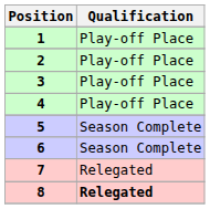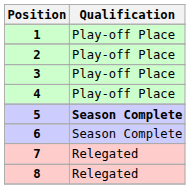 <table class="wikitable" style="text-align:center;">
 <tr>
 <th>Position</th>
 <th>Qualification</th>
 </tr>
 <tr --->
 </tr>
 <tr align=center style="background:#ccffcc;">
 <td><strong>1</strong></td>
 <td style="text-align:left;">Play-off Place</td>
 </tr>
 <tr --->
 </tr>
 <tr align=center style="background:#ccffcc;">
 <td><strong>2</strong></td>
 <td style="text-align:left;">Play-off Place</td>
 </tr>
 <tr --->
 </tr>
 <tr align=center style="background:#ccffcc;">
 <td><strong>3</strong></td>
 <td style="text-align:left;">Play-off Place</td>
 </tr>
 <tr --->
 </tr>
 <tr align=center style="background:#ccffcc;">
 <td><strong>4</strong></td>
 <td style="text-align:left;">Play-off Place</td>
 </tr>
 <tr --->
 </tr>
 <tr align=center style="background:#ccccff;">
 <td><strong>5</strong></td>
-<td>Season Complete</td>
+<td><strong>Season Complete</strong></td>
 </tr>
 <tr --->
 </tr>
 <tr align=center style="background:#ccccff;">
 <td><strong>6</strong></td>
 <td>Season Complete</td>
 </tr>
 <tr --->
 </tr>
 <tr align=center style="background:#FFCCCC">
 <td><strong>7</strong></td>
 <td style="text-align:left;">Relegated</td>
 </tr>
 <tr --->
 </tr>
 <tr align=center style="background:#FFCCCC">
 <td><strong>8</strong></td>
-<td style="text-align:left;"><strong>Relegated</strong></td>
+<td style="text-align:left;">Relegated</td>
 </tr>
 <tr --->
 </tr>
 </table>
